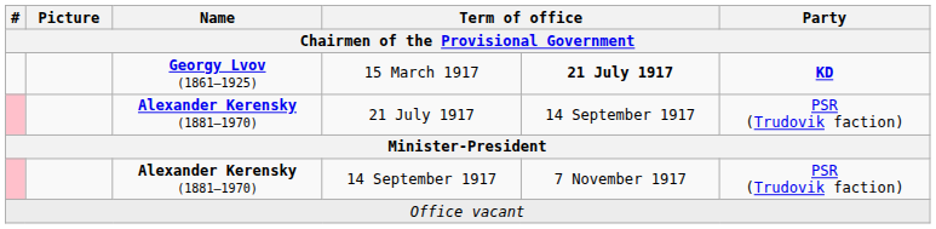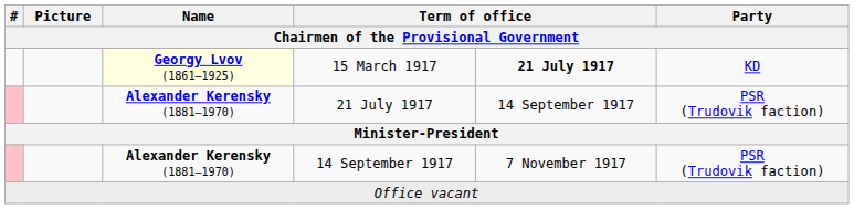 <table class="wikitable" style="text-align:center; width:65%">
 <tr>
 <th>#</th>
 <th>Picture</th>
 <th>Name</th>
 <th colspan="2">Term of office</th>
 <th>Party</th>
 </tr>
 <tr>
 <th colspan="6"><strong>Chairmen of the <a href='#'>Provisional Government</a></strong></th>
 </tr>
 <tr>
 <td style="background:"></td>
 <td></td>
-<td><strong><a href='#'>Georgy Lvov</a></strong><br><small>(1861–1925)</small></td>
+<td style="background: lightyellow;"><strong><a href='#'>Georgy Lvov</a></strong><br><small>(1861–1925)</small></td>
 <td>15 March 1917</td>
 <td><strong>21 July 1917</strong></td>
-<td><strong><a href='#'>KD</a></strong></td>
+<td><a href='#'>KD</a></td>
 </tr>
 <tr>
 <td style="background:pink"></td>
 <td></td>
 <td><strong><a href='#'>Alexander Kerensky</a></strong><br><small>(1881–1970)</small></td>
 <td>21 July 1917</td>
 <td>14 September 1917</td>
 <td><a href='#'>PSR</a><br>(<a href='#'>Trudovik</a> faction)</td>
 </tr>
 <tr>
 <th colspan="6"><strong>Minister-President</strong></th>
 </tr>
 <tr>
 <td style="background:pink"></td>
 <td></td>
 <td><strong>Alexander Kerensky</strong><br><small>(1881–1970)</small></td>
 <td>14 September 1917</td>
 <td>7 November 1917</td>
 <td><a href='#'>PSR</a><br>(<a href='#'>Trudovik</a> faction)</td>
 </tr>
 <tr>
 <td colspan="6" style="background:#ECECEC"><em>Office vacant  </em></td>
 </tr>
 </table>
